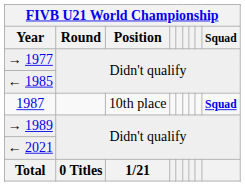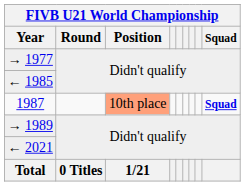 <table class="wikitable" style="text-align: center;">
 <tr>
 <th colspan=9><a href='#'>FIVB U21 World Championship</a></th>
 </tr>
 <tr>
 <th>Year</th>
 <th>Round</th>
 <th>Position</th>
 <th></th>
 <th></th>
 <th></th>
 <th></th>
 <th></th>
 <th><small>Squad</small></th>
 </tr>
 <tr bgcolor="efefef">
 <td> → <a href='#'>1977</a></td>
 <td colspan=9 rowspan=2>Didn't qualify</td>
 </tr>
 <tr bgcolor="efefef">
 <td> ← <a href='#'>1985</a></td>
 </tr>
 <tr>
 <td> <a href='#'>1987</a></td>
 <td></td>
-<td>10th place</td>
+<td style="background: lightsalmon;">10th place</td>
 <td></td>
 <td></td>
 <td></td>
 <td></td>
 <td></td>
 <td><strong><small><a href='#'>Squad</a></small></strong></td>
 </tr>
 <tr bgcolor="efefef">
 <td> → <a href='#'>1989</a></td>
 <td colspan=9 rowspan=2>Didn't qualify</td>
 </tr>
 <tr bgcolor="efefef">
 <td>  ← <a href='#'>2021</a></td>
 </tr>
 <tr>
 <th>Total</th>
 <th>0 Titles</th>
 <th>1/21</th>
 <th></th>
 <th></th>
 <th></th>
 <th></th>
 <th></th>
 <th></th>
 </tr>
 </table>
